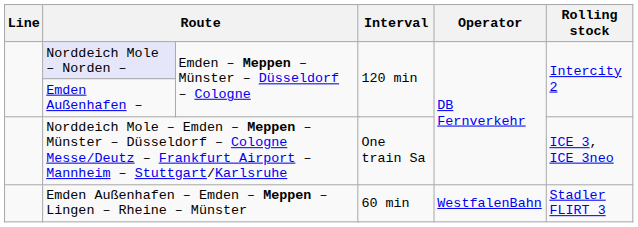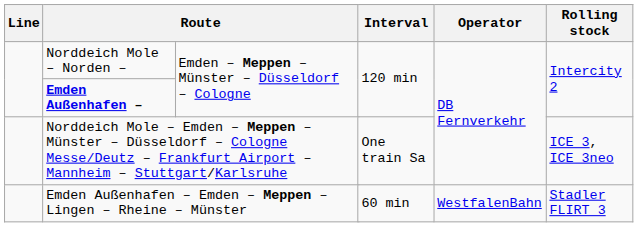 <table class="wikitable">
 <tr>
 <th>Line</th>
 <th colspan="3">Route</th>
 <th>Interval</th>
 <th>Operator</th>
 <th>Rolling stock</th>
 </tr>
 <tr>
 <td rowspan="2"></td>
-<td style="background: lavender;">Norddeich Mole – Norden –</td>
+<td>Norddeich Mole – Norden –</td>
 <td colspan="2" rowspan="2">Emden – <strong>Meppen</strong> – Münster – <a href='#'>Düsseldorf</a> – <a href='#'>Cologne</a></td>
 <td rowspan="2">120 min</td>
 <td rowspan="3"><a href='#'>DB Fernverkehr</a></td>
 <td rowspan="2"><a href='#'>Intercity 2</a></td>
 </tr>
 <tr>
-<td><a href='#'>Emden Außenhafen</a> –</td>
+<td><strong><a href='#'>Emden Außenhafen</a> –</strong></td>
 </tr>
 <tr>
 <td></td>
 <td colspan="3">Norddeich Mole – Emden – <strong>Meppen</strong> – Münster – Düsseldorf – <a href='#'>Cologne Messe/Deutz</a> – <a href='#'>Frankfurt Airport</a> – <a href='#'>Mannheim</a> – <a href='#'>Stuttgart</a>/<a href='#'>Karlsruhe</a></td>
 <td>One train Sa</td>
 <td><a href='#'>ICE 3</a>, <a href='#'>ICE 3neo</a></td>
 </tr>
 <tr>
 <td></td>
 <td colspan="3">Emden Außenhafen – Emden – <strong>Meppen</strong> – Lingen – Rheine – Münster</td>
 <td>60 min</td>
 <td><a href='#'>WestfalenBahn</a></td>
 <td><a href='#'>Stadler FLIRT 3</a></td>
 </tr>
 </table>
